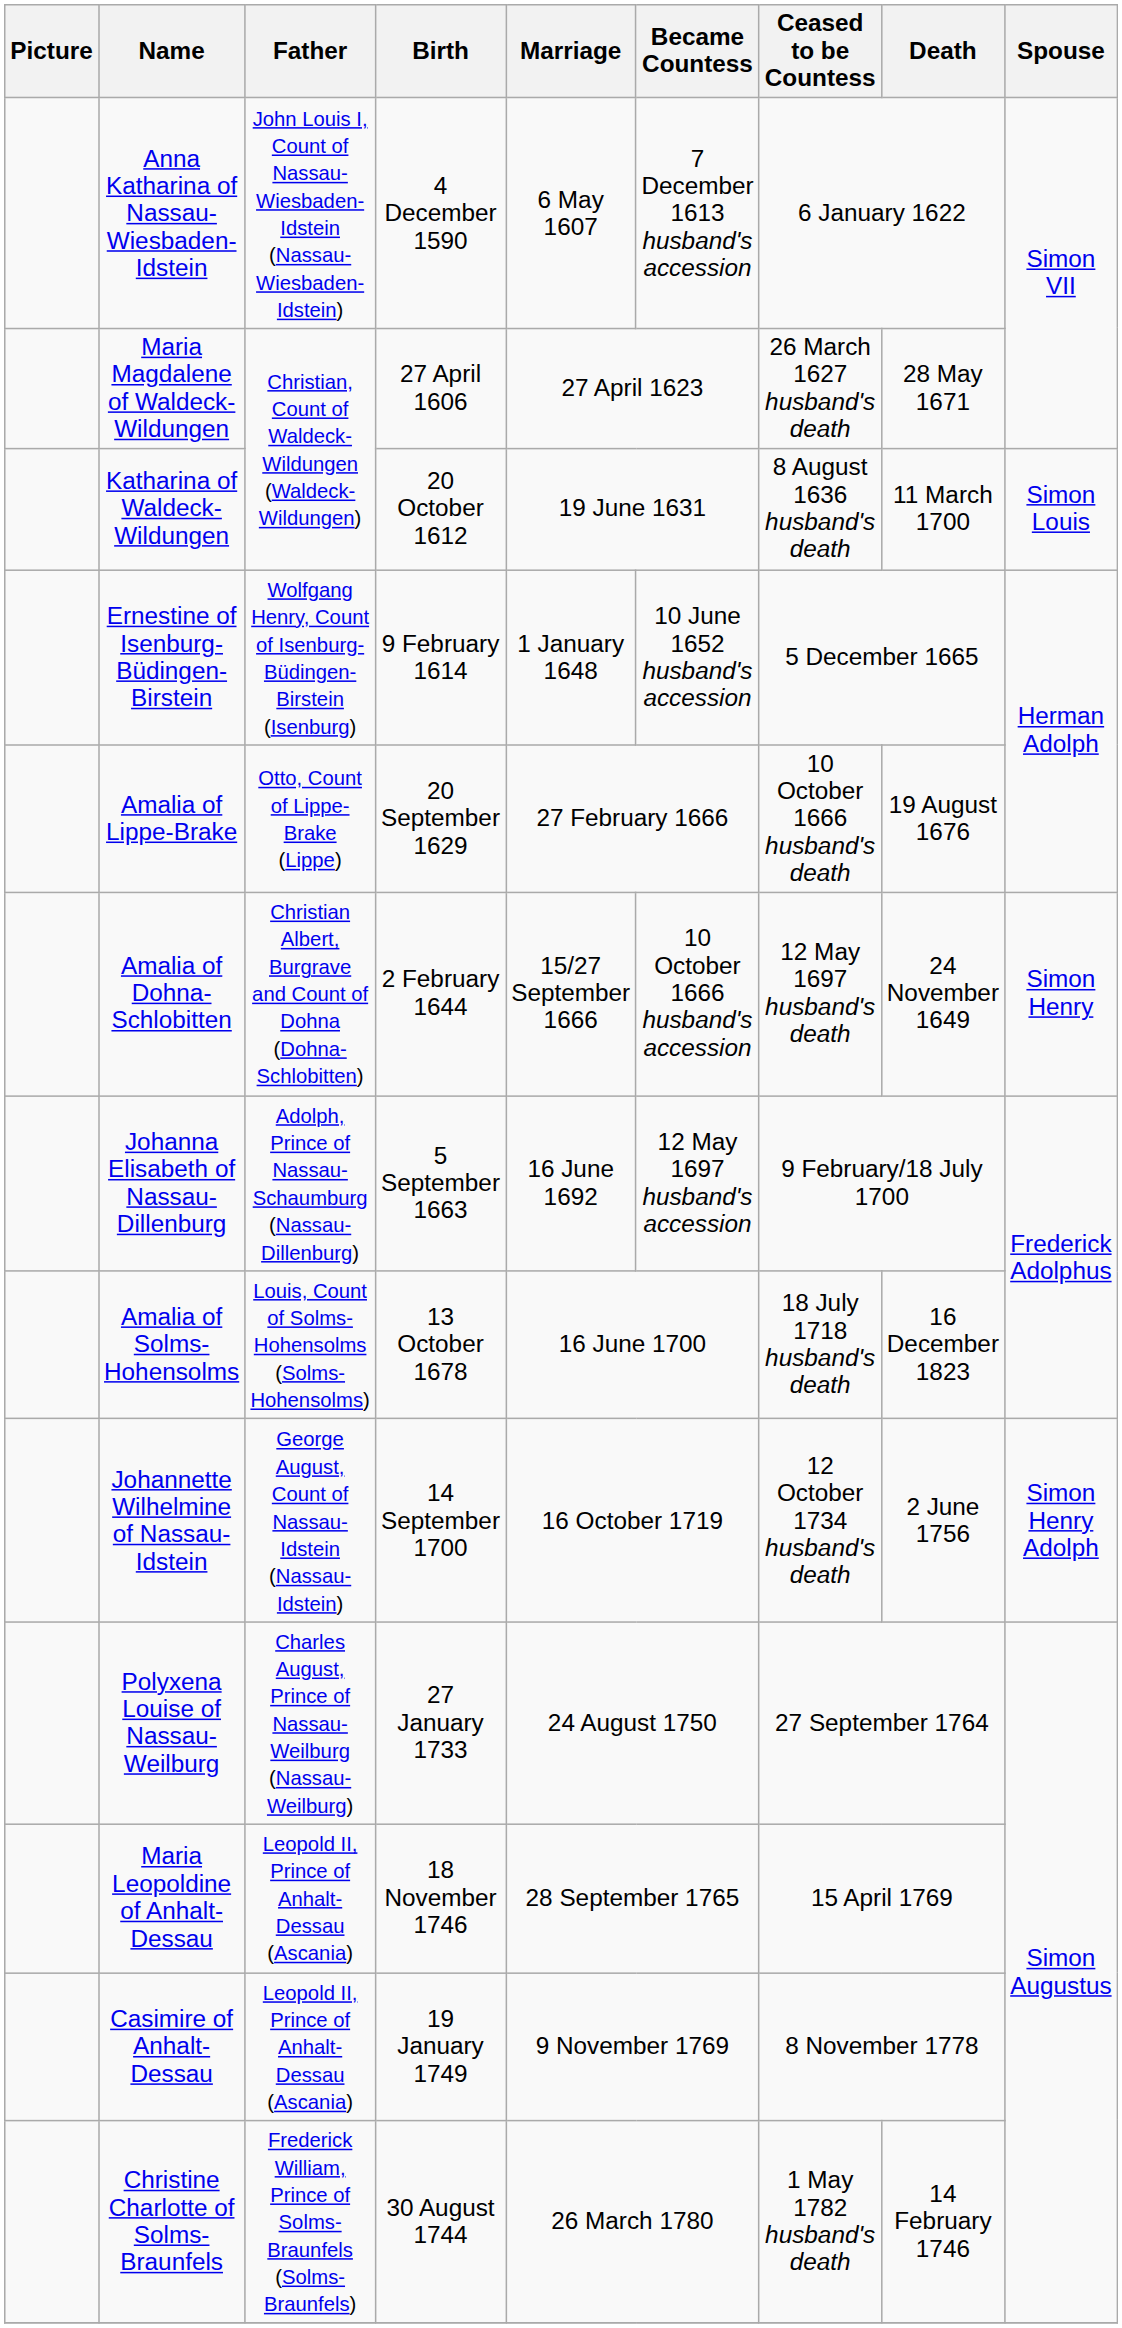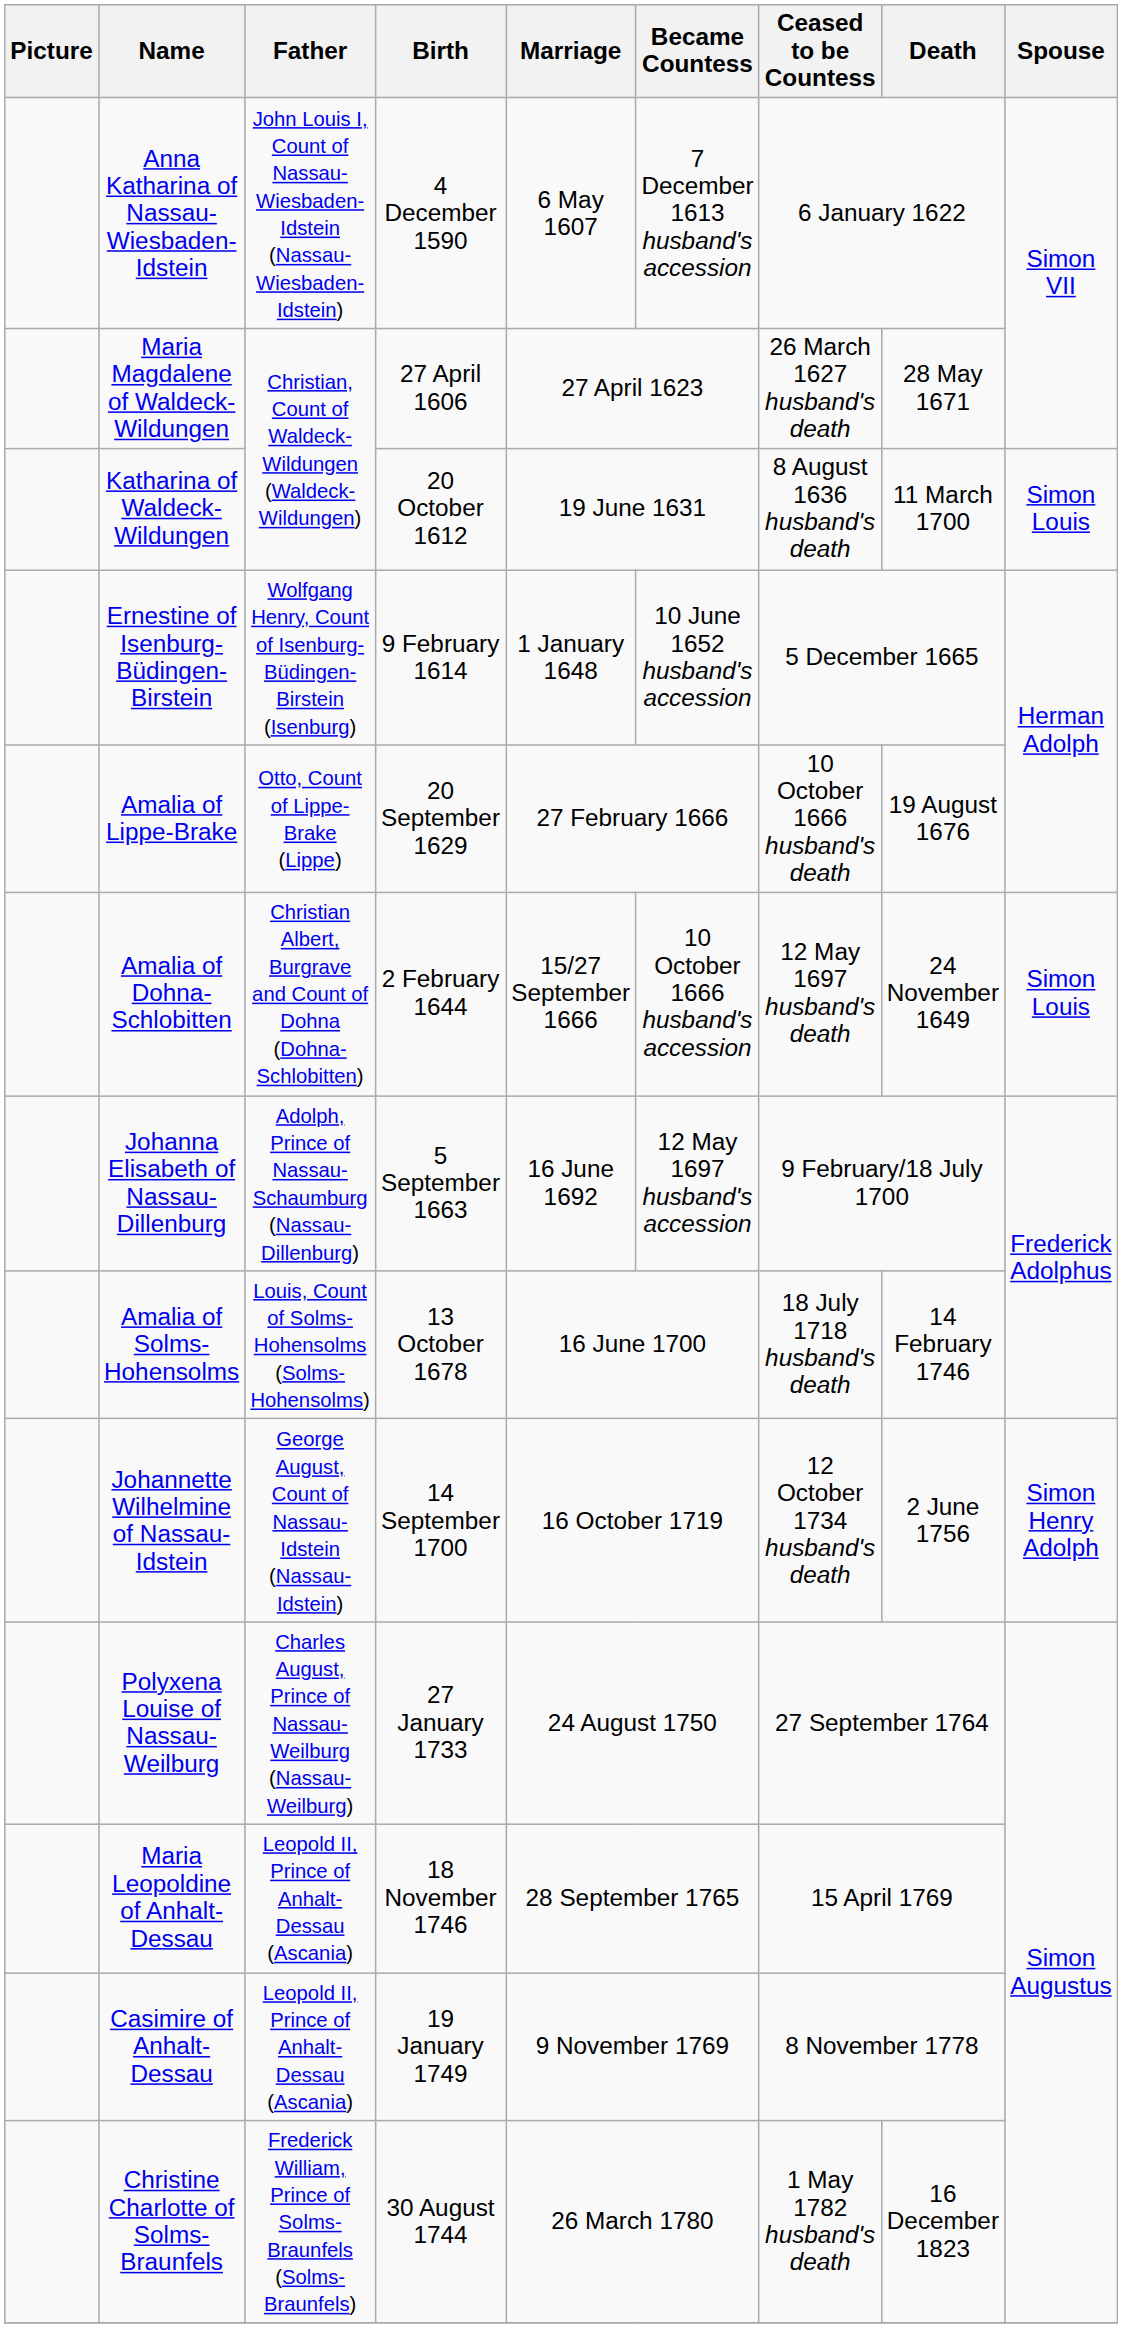 <table width=95% class="wikitable">
 <tr>
 <th width = "6%">Picture</th>
 <th width = "10%">Name</th>
 <th width = "9%">Father</th>
 <th width = "10%">Birth</th>
 <th width = "9%">Marriage</th>
 <th width = "9%">Became Countess</th>
 <th width = "9%">Ceased to be Countess</th>
 <th width = "9%">Death</th>
 <th width = "6%">Spouse</th>
 </tr>
 <tr>
 <td align="center"></td>
 <td align="center"><a href='#'>Anna Katharina of Nassau-Wiesbaden-Idstein</a></td>
 <td align="center"><small><a href='#'>John Louis I, Count of Nassau-Wiesbaden-Idstein</a><br>(<a href='#'>Nassau-Wiesbaden-Idstein</a>)</small></td>
 <td align="center">4 December 1590</td>
 <td align="center">6 May 1607</td>
 <td align="center">7 December 1613 <br><em>husband's accession</em></td>
 <td align="center" colspan="2">6 January 1622</td>
 <td align="center" rowspan="2"><a href='#'>Simon VII</a></td>
 </tr>
 <tr>
 <td align="center"></td>
 <td align="center"><a href='#'>Maria Magdalene of Waldeck-Wildungen</a></td>
 <td align="center" rowspan="2"><small><a href='#'>Christian, Count of Waldeck-Wildungen</a><br>(<a href='#'>Waldeck-Wildungen</a>)</small></td>
 <td align="center">27 April 1606</td>
 <td align="center" colspan="2">27 April 1623</td>
 <td align="center">26 March 1627<br><em>husband's death</em></td>
 <td align="center">28 May 1671</td>
 </tr>
 <tr>
 <td align="center"></td>
 <td align="center"><a href='#'>Katharina of Waldeck-Wildungen</a></td>
 <td align="center">20 October 1612</td>
 <td align="center" colspan="2">19 June 1631</td>
 <td align="center">8 August 1636<br><em>husband's death</em></td>
 <td align="center">11 March 1700</td>
 <td align="center"><a href='#'>Simon Louis</a></td>
 </tr>
 <tr>
 <td align="center"></td>
 <td align="center"><a href='#'>Ernestine of Isenburg-Büdingen-Birstein</a></td>
 <td align="center"><small><a href='#'>Wolfgang Henry, Count of Isenburg-Büdingen-Birstein</a><br>(<a href='#'>Isenburg</a>)</small></td>
 <td align="center">9 February 1614</td>
 <td align="center">1 January 1648</td>
 <td align="center">10 June 1652<br><em>husband's accession</em></td>
 <td align="center" colspan="2">5 December 1665</td>
 <td align="center" rowspan="2"><a href='#'>Herman Adolph</a></td>
 </tr>
 <tr>
 <td align="center"></td>
 <td align="center"><a href='#'>Amalia of Lippe-Brake</a></td>
 <td align="center"><small><a href='#'>Otto, Count of Lippe-Brake</a><br>(<a href='#'>Lippe</a>)</small></td>
 <td align="center">20 September 1629</td>
 <td align="center" colspan="2">27 February 1666</td>
 <td align="center">10 October 1666<br><em>husband's death</em></td>
 <td align="center">19 August 1676</td>
 </tr>
 <tr>
 <td align="center"></td>
 <td align="center"><a href='#'>Amalia of Dohna-Schlobitten</a></td>
 <td align="center"><small><a href='#'>Christian Albert, Burgrave and Count of Dohna</a><br>(<a href='#'>Dohna-Schlobitten</a>)</small></td>
 <td align="center">2 February 1644</td>
 <td align="center">15/27 September 1666</td>
 <td align="center">10 October 1666<br><em>husband's accession</em></td>
 <td align="center">12 May 1697<br><em>husband's death</em></td>
 <td align="center">24 November 1649</td>
-<td align="center"><a href='#'>Simon Henry</a></td>
+<td align="center"><a href='#'>Simon Louis</a></td>
 </tr>
 <tr>
 <td align="center"></td>
 <td align="center"><a href='#'>Johanna Elisabeth of Nassau-Dillenburg</a></td>
 <td align="center"><small><a href='#'>Adolph, Prince of Nassau-Schaumburg</a><br>(<a href='#'>Nassau-Dillenburg</a>)</small></td>
 <td align="center">5 September 1663</td>
 <td align="center">16 June 1692</td>
 <td align="center">12 May 1697<br><em>husband's accession</em></td>
 <td align="center" colspan="2">9 February/18 July 1700</td>
 <td align="center" rowspan="2"><a href='#'>Frederick Adolphus</a></td>
 </tr>
 <tr>
 <td align="center"></td>
 <td align="center"><a href='#'>Amalia of Solms-Hohensolms</a></td>
 <td align="center"><small><a href='#'>Louis, Count of Solms-Hohensolms</a><br>(<a href='#'>Solms-Hohensolms</a>)</small></td>
 <td align="center">13 October 1678</td>
 <td align="center" colspan="2">16 June 1700</td>
 <td align="center">18 July 1718<br><em>husband's death</em></td>
-<td align="center">16 December 1823</td>
+<td align="center">14 February 1746</td>
 </tr>
 <tr>
 <td align="center"></td>
 <td align="center"><a href='#'>Johannette Wilhelmine of Nassau-Idstein</a></td>
 <td align="center"><small><a href='#'>George August, Count of Nassau-Idstein</a><br>(<a href='#'>Nassau-Idstein</a>)</small></td>
 <td align="center">14 September 1700</td>
 <td align="center" colspan="2">16 October 1719</td>
 <td align="center">12 October 1734<br><em>husband's death</em></td>
 <td align="center">2 June 1756</td>
 <td align="center"><a href='#'>Simon Henry Adolph</a></td>
 </tr>
 <tr>
 <td align="center"></td>
 <td align="center"><a href='#'>Polyxena Louise of Nassau-Weilburg</a></td>
 <td align="center"><small><a href='#'>Charles August, Prince of Nassau-Weilburg</a><br>(<a href='#'>Nassau-Weilburg</a>)</small></td>
 <td align="center">27 January 1733</td>
 <td align="center" colspan="2">24 August 1750</td>
 <td align="center" colspan="2">27 September 1764</td>
 <td align="center" rowspan="4"><a href='#'>Simon Augustus</a></td>
 </tr>
 <tr>
 <td align="center"></td>
 <td align="center"><a href='#'>Maria Leopoldine of Anhalt-Dessau</a></td>
 <td align="center"><small><a href='#'>Leopold II, Prince of Anhalt-Dessau</a><br>(<a href='#'>Ascania</a>)</small></td>
 <td align="center">18 November 1746</td>
 <td align="center" colspan="2">28 September 1765</td>
 <td align="center" colspan="2">15 April 1769</td>
 </tr>
 <tr>
 <td align="center"></td>
 <td align="center"><a href='#'>Casimire of Anhalt-Dessau</a></td>
 <td align="center"><small><a href='#'>Leopold II, Prince of Anhalt-Dessau</a><br>(<a href='#'>Ascania</a>)</small></td>
 <td align="center">19 January 1749</td>
 <td align="center" colspan="2">9 November 1769</td>
 <td align="center" colspan="2">8 November 1778</td>
 </tr>
 <tr>
 <td align="center"></td>
 <td align="center"><a href='#'>Christine Charlotte of Solms-Braunfels</a></td>
 <td align="center"><small><a href='#'>Frederick William, Prince of Solms-Braunfels</a><br>(<a href='#'>Solms-Braunfels</a>)</small></td>
 <td align="center">30 August 1744</td>
 <td align="center" colspan="2">26 March 1780</td>
 <td align="center">1 May 1782<br><em>husband's death</em></td>
-<td align="center">14 February 1746</td>
+<td align="center">16 December 1823</td>
 </tr>
 <tr>
 </tr>
 </table>
